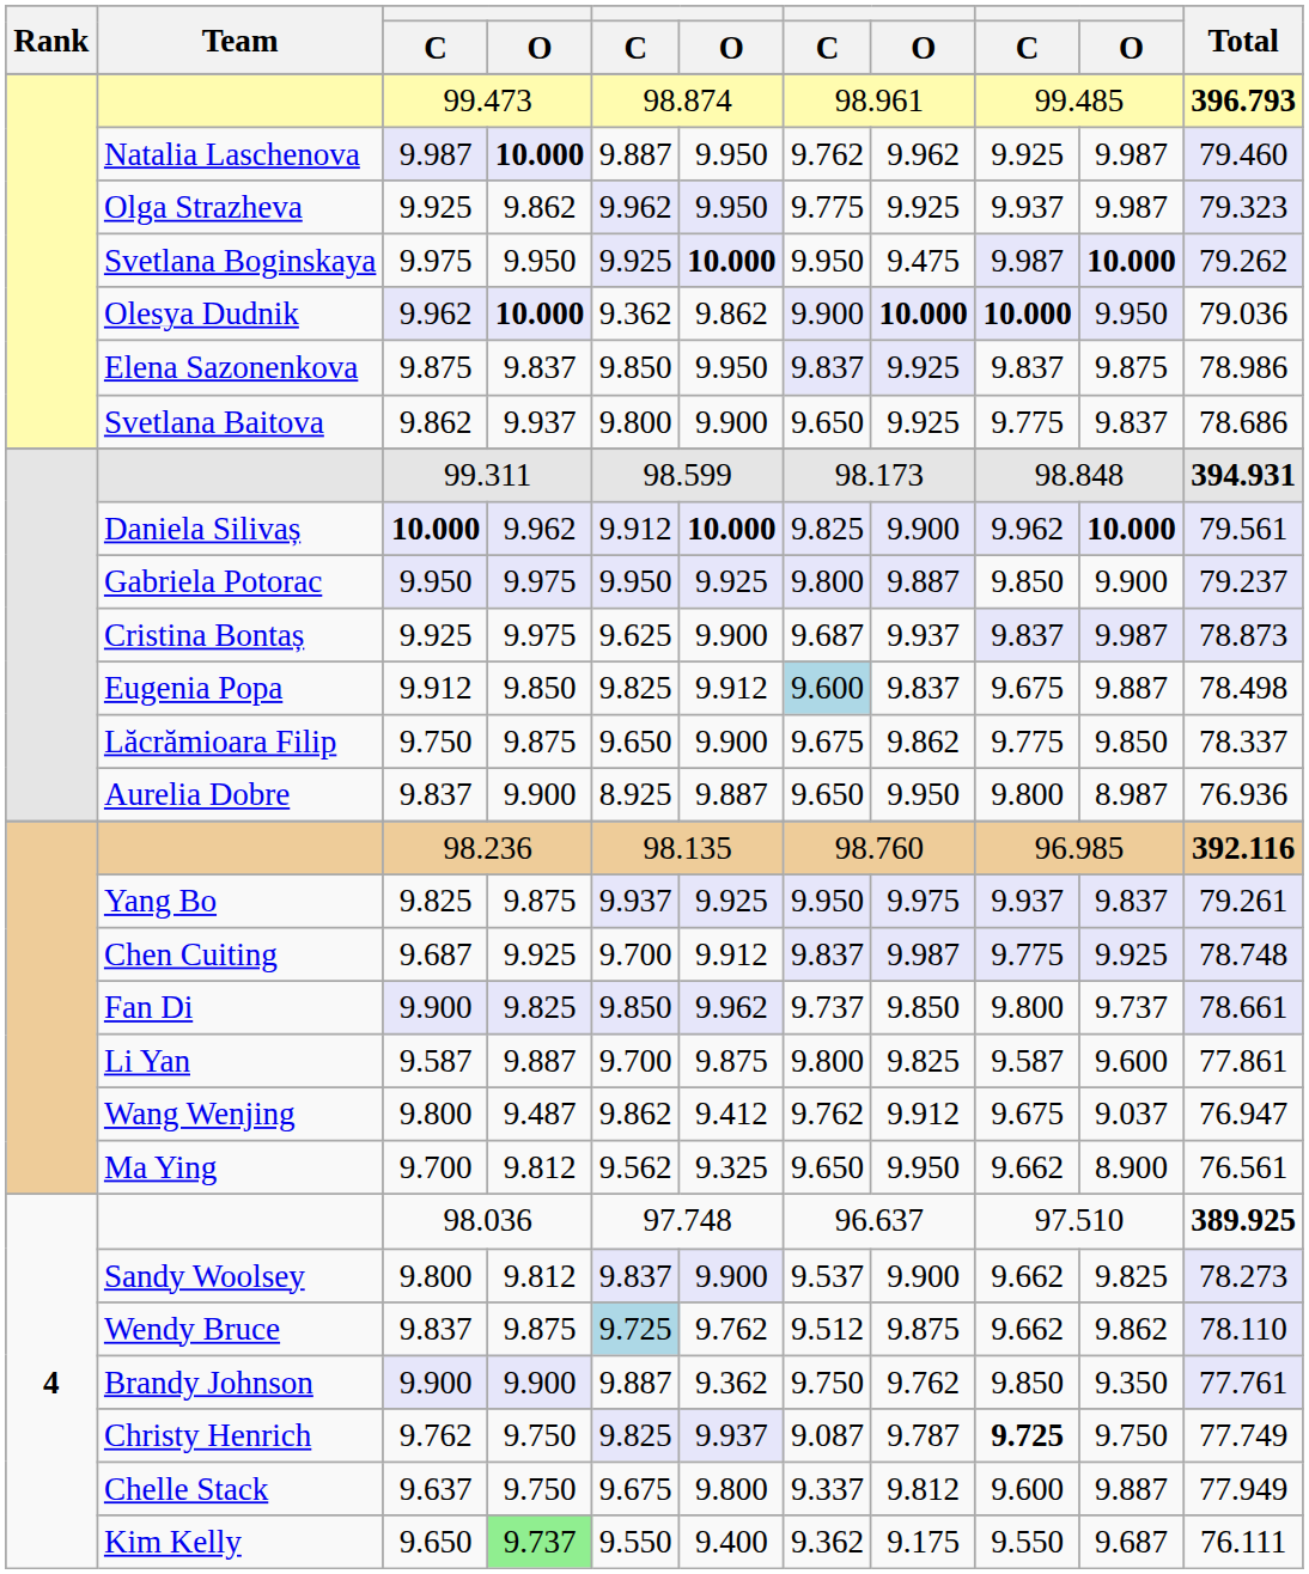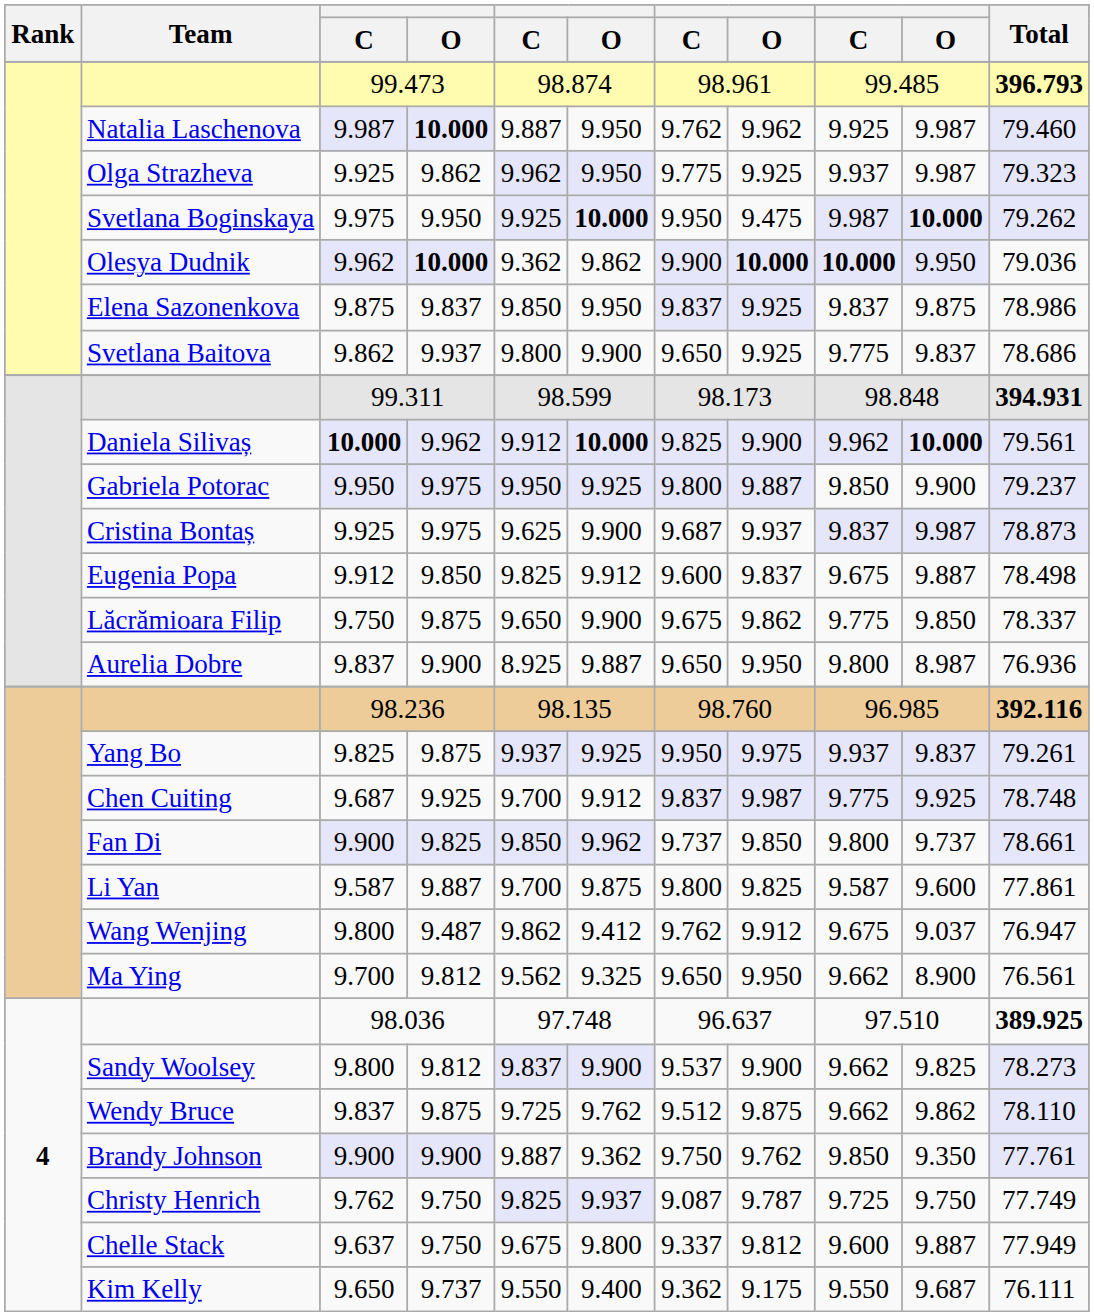 <table class="wikitable" style="text-align:center; font-size:95%">
 <tr>
 <th rowspan=2>Rank</th>
 <th rowspan=2>Team</th>
 <th colspan=2></th>
 <th colspan=2></th>
 <th colspan=2></th>
 <th colspan=2></th>
 <th rowspan=2>Total</th>
 </tr>
 <tr>
 <th>C</th>
 <th>O</th>
 <th>C</th>
 <th>O</th>
 <th>C</th>
 <th>O</th>
 <th>C</th>
 <th>O</th>
 </tr>
 <tr>
 </tr>
 <tr style="background:#fffcaf;">
 <td rowspan=7></td>
 <td style="text-align:left;"><strong></strong></td>
 <td colspan=2>99.473</td>
 <td colspan=2>98.874</td>
 <td colspan=2>98.961</td>
 <td colspan=2>99.485</td>
 <td colspan=1><strong>396.793</strong></td>
 </tr>
 <tr>
 <td align=left><a href='#'>Natalia Laschenova</a></td>
 <td bgcolor="lavender">9.987</td>
 <td bgcolor="lavender"><strong>10.000</strong></td>
 <td>9.887</td>
 <td>9.950</td>
 <td>9.762</td>
 <td>9.962</td>
 <td>9.925</td>
 <td>9.987</td>
 <td bgcolor="lavender">79.460</td>
 </tr>
 <tr>
 <td align=left><a href='#'>Olga Strazheva</a></td>
 <td>9.925</td>
 <td>9.862</td>
 <td bgcolor="lavender">9.962</td>
 <td bgcolor="lavender">9.950</td>
 <td>9.775</td>
 <td>9.925</td>
 <td>9.937</td>
 <td>9.987</td>
 <td bgcolor="lavender">79.323</td>
 </tr>
 <tr>
 <td align=left><a href='#'>Svetlana Boginskaya</a></td>
 <td>9.975</td>
 <td>9.950</td>
 <td bgcolor="lavender">9.925</td>
 <td bgcolor="lavender"><strong>10.000</strong></td>
 <td>9.950</td>
 <td>9.475</td>
 <td bgcolor="lavender">9.987</td>
 <td bgcolor="lavender"><strong>10.000</strong></td>
 <td bgcolor="lavender">79.262</td>
 </tr>
 <tr>
 <td align=left><a href='#'>Olesya Dudnik</a></td>
 <td bgcolor="lavender">9.962</td>
 <td bgcolor="lavender"><strong>10.000</strong></td>
 <td>9.362</td>
 <td>9.862</td>
 <td bgcolor="lavender">9.900</td>
 <td bgcolor="lavender"><strong>10.000</strong></td>
 <td bgcolor="lavender"><strong>10.000</strong></td>
 <td bgcolor="lavender">9.950</td>
 <td>79.036</td>
 </tr>
 <tr>
 <td align=left><a href='#'>Elena Sazonenkova</a></td>
 <td>9.875</td>
 <td>9.837</td>
 <td>9.850</td>
 <td>9.950</td>
 <td bgcolor="lavender">9.837</td>
 <td bgcolor="lavender">9.925</td>
 <td>9.837</td>
 <td>9.875</td>
 <td>78.986</td>
 </tr>
 <tr>
 <td align=left><a href='#'>Svetlana Baitova</a></td>
 <td>9.862</td>
 <td>9.937</td>
 <td>9.800</td>
 <td>9.900</td>
 <td>9.650</td>
 <td>9.925</td>
 <td>9.775</td>
 <td>9.837</td>
 <td>78.686</td>
 </tr>
 <tr>
 </tr>
 <tr style="background:#e5e5e5;">
 <td rowspan=7></td>
 <td style="text-align:left;"><strong></strong></td>
 <td colspan=2>99.311</td>
 <td colspan=2>98.599</td>
 <td colspan=2>98.173</td>
 <td colspan=2>98.848</td>
 <td colspan=1><strong>394.931</strong></td>
 </tr>
 <tr>
 <td align=left><a href='#'>Daniela Silivaș</a></td>
 <td bgcolor="lavender"><strong>10.000</strong></td>
 <td bgcolor="lavender">9.962</td>
 <td bgcolor="lavender">9.912</td>
 <td bgcolor="lavender"><strong>10.000</strong></td>
 <td bgcolor="lavender">9.825</td>
 <td bgcolor="lavender">9.900</td>
 <td bgcolor="lavender">9.962</td>
 <td bgcolor="lavender"><strong>10.000</strong></td>
 <td bgcolor="lavender">79.561</td>
 </tr>
 <tr>
 <td align=left><a href='#'>Gabriela Potorac</a></td>
 <td bgcolor="lavender">9.950</td>
 <td bgcolor="lavender">9.975</td>
 <td bgcolor="lavender">9.950</td>
 <td bgcolor="lavender">9.925</td>
 <td bgcolor="lavender">9.800</td>
 <td bgcolor="lavender">9.887</td>
 <td>9.850</td>
 <td>9.900</td>
 <td bgcolor="lavender">79.237</td>
 </tr>
 <tr>
 <td align=left><a href='#'>Cristina Bontaș</a></td>
 <td>9.925</td>
 <td>9.975</td>
 <td>9.625</td>
 <td>9.900</td>
 <td>9.687</td>
 <td>9.937</td>
 <td bgcolor="lavender">9.837</td>
 <td bgcolor="lavender">9.987</td>
 <td bgcolor="lavender">78.873</td>
 </tr>
 <tr>
 <td align=left><a href='#'>Eugenia Popa</a></td>
 <td>9.912</td>
 <td>9.850</td>
 <td>9.825</td>
 <td>9.912</td>
-<td style="background: lightblue;">9.600</td>
+<td>9.600</td>
 <td>9.837</td>
 <td>9.675</td>
 <td>9.887</td>
 <td>78.498</td>
 </tr>
 <tr>
 <td align=left><a href='#'>Lăcrămioara Filip</a></td>
 <td>9.750</td>
 <td>9.875</td>
 <td>9.650</td>
 <td>9.900</td>
 <td>9.675</td>
 <td>9.862</td>
 <td>9.775</td>
 <td>9.850</td>
 <td>78.337</td>
 </tr>
 <tr>
 <td align=left><a href='#'>Aurelia Dobre</a></td>
 <td>9.837</td>
 <td>9.900</td>
 <td>8.925</td>
 <td>9.887</td>
 <td>9.650</td>
 <td>9.950</td>
 <td>9.800</td>
 <td>8.987</td>
 <td>76.936</td>
 </tr>
 <tr>
 </tr>
 <tr style="background:#ec9;">
 <td rowspan=7></td>
 <td style="text-align:left;"><strong></strong></td>
 <td colspan=2>98.236</td>
 <td colspan=2>98.135</td>
 <td colspan=2>98.760</td>
 <td colspan=2>96.985</td>
 <td colspan=1><strong>392.116</strong></td>
 </tr>
 <tr>
 <td align=left><a href='#'>Yang Bo</a></td>
 <td>9.825</td>
 <td>9.875</td>
 <td bgcolor="lavender">9.937</td>
 <td bgcolor="lavender">9.925</td>
 <td bgcolor="lavender">9.950</td>
 <td bgcolor="lavender">9.975</td>
 <td bgcolor="lavender">9.937</td>
 <td bgcolor="lavender">9.837</td>
 <td bgcolor="lavender">79.261</td>
 </tr>
 <tr>
 <td align=left><a href='#'>Chen Cuiting</a></td>
 <td>9.687</td>
 <td>9.925</td>
 <td>9.700</td>
 <td>9.912</td>
 <td bgcolor="lavender">9.837</td>
 <td bgcolor="lavender">9.987</td>
 <td bgcolor="lavender">9.775</td>
 <td bgcolor="lavender">9.925</td>
 <td bgcolor="lavender">78.748</td>
 </tr>
 <tr>
 <td align=left><a href='#'>Fan Di</a></td>
 <td bgcolor="lavender">9.900</td>
 <td bgcolor="lavender">9.825</td>
 <td bgcolor="lavender">9.850</td>
 <td bgcolor="lavender">9.962</td>
 <td>9.737</td>
 <td>9.850</td>
 <td>9.800</td>
 <td>9.737</td>
 <td bgcolor="lavender">78.661</td>
 </tr>
 <tr>
 <td align=left><a href='#'>Li Yan</a></td>
 <td>9.587</td>
 <td>9.887</td>
 <td>9.700</td>
 <td>9.875</td>
 <td>9.800</td>
 <td>9.825</td>
 <td>9.587</td>
 <td>9.600</td>
 <td>77.861</td>
 </tr>
 <tr>
 <td align=left><a href='#'>Wang Wenjing</a></td>
 <td>9.800</td>
 <td>9.487</td>
 <td>9.862</td>
 <td>9.412</td>
 <td>9.762</td>
 <td>9.912</td>
 <td>9.675</td>
 <td>9.037</td>
 <td>76.947</td>
 </tr>
 <tr>
 <td align=left><a href='#'>Ma Ying</a></td>
 <td>9.700</td>
 <td>9.812</td>
 <td>9.562</td>
 <td>9.325</td>
 <td>9.650</td>
 <td>9.950</td>
 <td>9.662</td>
 <td>8.900</td>
 <td>76.561</td>
 </tr>
 <tr>
 <td rowspan=7><strong>4</strong></td>
 <td style="text-align:left;"><strong></strong></td>
 <td colspan=2>98.036</td>
 <td colspan=2>97.748</td>
 <td colspan=2>96.637</td>
 <td colspan=2>97.510</td>
 <td colspan=1><strong>389.925</strong></td>
 </tr>
 <tr>
 <td align=left><a href='#'>Sandy Woolsey</a></td>
 <td>9.800</td>
 <td>9.812</td>
 <td bgcolor="lavender">9.837</td>
 <td bgcolor="lavender">9.900</td>
 <td>9.537</td>
 <td>9.900</td>
 <td>9.662</td>
 <td>9.825</td>
 <td bgcolor="lavender">78.273</td>
 </tr>
 <tr>
 <td align=left><a href='#'>Wendy Bruce</a></td>
 <td>9.837</td>
 <td>9.875</td>
-<td style="background: lightblue;">9.725</td>
+<td>9.725</td>
 <td>9.762</td>
 <td>9.512</td>
 <td>9.875</td>
 <td>9.662</td>
 <td>9.862</td>
 <td bgcolor="lavender">78.110</td>
 </tr>
 <tr>
 <td align=left><a href='#'>Brandy Johnson</a></td>
 <td bgcolor="lavender">9.900</td>
 <td bgcolor="lavender">9.900</td>
 <td>9.887</td>
 <td>9.362</td>
 <td>9.750</td>
 <td>9.762</td>
 <td>9.850</td>
 <td>9.350</td>
 <td bgcolor="lavender">77.761</td>
 </tr>
 <tr>
 <td align=left><a href='#'>Christy Henrich</a></td>
 <td>9.762</td>
 <td>9.750</td>
 <td bgcolor="lavender">9.825</td>
 <td bgcolor="lavender">9.937</td>
 <td>9.087</td>
 <td>9.787</td>
-<td><strong>9.725</strong></td>
+<td>9.725</td>
 <td>9.750</td>
 <td>77.749</td>
 </tr>
 <tr>
 <td align=left><a href='#'>Chelle Stack</a></td>
 <td>9.637</td>
 <td>9.750</td>
 <td>9.675</td>
 <td>9.800</td>
 <td>9.337</td>
 <td>9.812</td>
 <td>9.600</td>
 <td>9.887</td>
 <td>77.949</td>
 </tr>
 <tr>
 <td align=left><a href='#'>Kim Kelly</a></td>
 <td>9.650</td>
-<td style="background: lightgreen;">9.737</td>
+<td>9.737</td>
 <td>9.550</td>
 <td>9.400</td>
 <td>9.362</td>
 <td>9.175</td>
 <td>9.550</td>
 <td>9.687</td>
 <td>76.111</td>
 </tr>
 </table>
